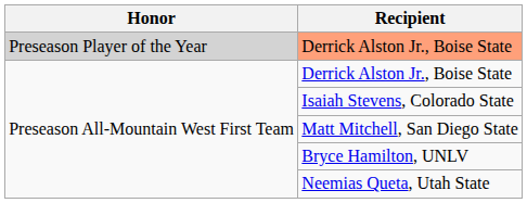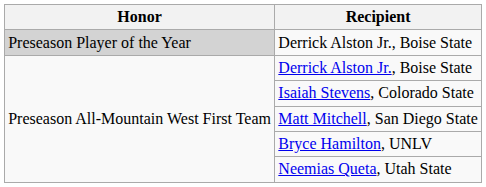 <table class="wikitable" border="1">
 <tr>
 <th>Honor</th>
 <th>Recipient</th>
 </tr>
 <tr>
 <td style="background: lightgrey;">Preseason Player of the Year</td>
-<td style="background: lightsalmon;">Derrick Alston Jr., Boise State</td>
+<td>Derrick Alston Jr., Boise State</td>
 </tr>
 <tr>
 <td rowspan=5 valign=middle>Preseason All-Mountain West First Team</td>
 <td><a href='#'>Derrick Alston Jr.</a>, Boise State</td>
 </tr>
 <tr>
 <td><a href='#'>Isaiah Stevens</a>, Colorado State</td>
 </tr>
 <tr>
 <td><a href='#'>Matt Mitchell</a>, San Diego State</td>
 </tr>
 <tr>
 <td><a href='#'>Bryce Hamilton</a>, UNLV</td>
 </tr>
 <tr>
 <td><a href='#'>Neemias Queta</a>, Utah State</td>
 </tr>
 <tr>
 </tr>
 </table>
